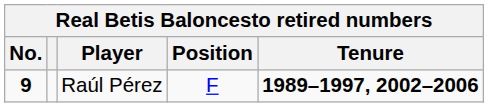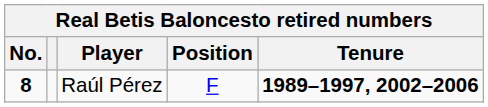 <table class="wikitable" style="text-align:center">
 <tr>
 <th colspan="5">Real Betis Baloncesto retired numbers</th>
 </tr>
 <tr>
 <th>No.</th>
 <th></th>
 <th>Player</th>
 <th>Position</th>
 <th>Tenure</th>
 </tr>
 <tr>
-<td><strong>9</strong></td>
+<td><strong>8</strong></td>
 <td></td>
 <td>Raúl Pérez</td>
 <td><a href='#'>F</a></td>
 <td><strong>1989–1997, 2002–2006</strong></td>
 </tr>
 </table>
